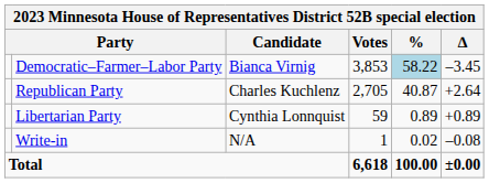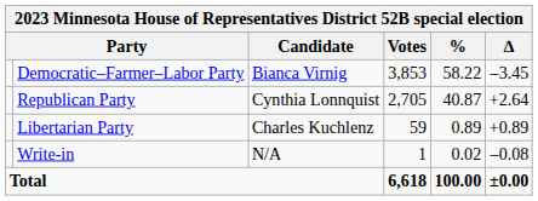 <table class="wikitable">
 <tr>
 <th colspan="6">2023 Minnesota House of Representatives District 52B special election</th>
 </tr>
 <tr>
 <th colspan="2">Party</th>
 <th>Candidate</th>
 <th>Votes</th>
 <th>%</th>
 <th>∆</th>
 </tr>
 <tr>
 <td style="background-color:"></td>
 <td><a href='#'>Democratic–Farmer–Labor Party</a></td>
 <td><a href='#'>Bianca Virnig</a></td>
 <td align="right">3,853</td>
-<td align="right" style="background: lightblue;">58.22</td>
+<td align="right">58.22</td>
 <td align="right">–3.45</td>
 </tr>
 <tr>
 <td style="background-color:"></td>
 <td><a href='#'>Republican Party</a></td>
-<td>Charles Kuchlenz</td>
+<td>Cynthia Lonnquist</td>
 <td align="right">2,705</td>
 <td align="right">40.87</td>
 <td align="right">+2.64</td>
 </tr>
 <tr>
 <td style="background-color:"></td>
 <td><a href='#'>Libertarian Party</a></td>
-<td>Cynthia Lonnquist</td>
+<td>Charles Kuchlenz</td>
 <td align="right">59</td>
 <td align="right">0.89</td>
 <td align="right">+0.89</td>
 </tr>
 <tr>
 <td style="background-color:"></td>
 <td><a href='#'>Write-in</a></td>
 <td>N/A</td>
 <td align="right">1</td>
 <td align="right">0.02</td>
 <td align="right">–0.08</td>
 </tr>
 <tr>
 <td colspan="3"><strong>Total</strong></td>
 <td align="right"><strong>6,618</strong></td>
 <td align="right"><strong>100.00</strong></td>
 <td align="right"><strong>±0.00</strong></td>
 </tr>
 </table>
